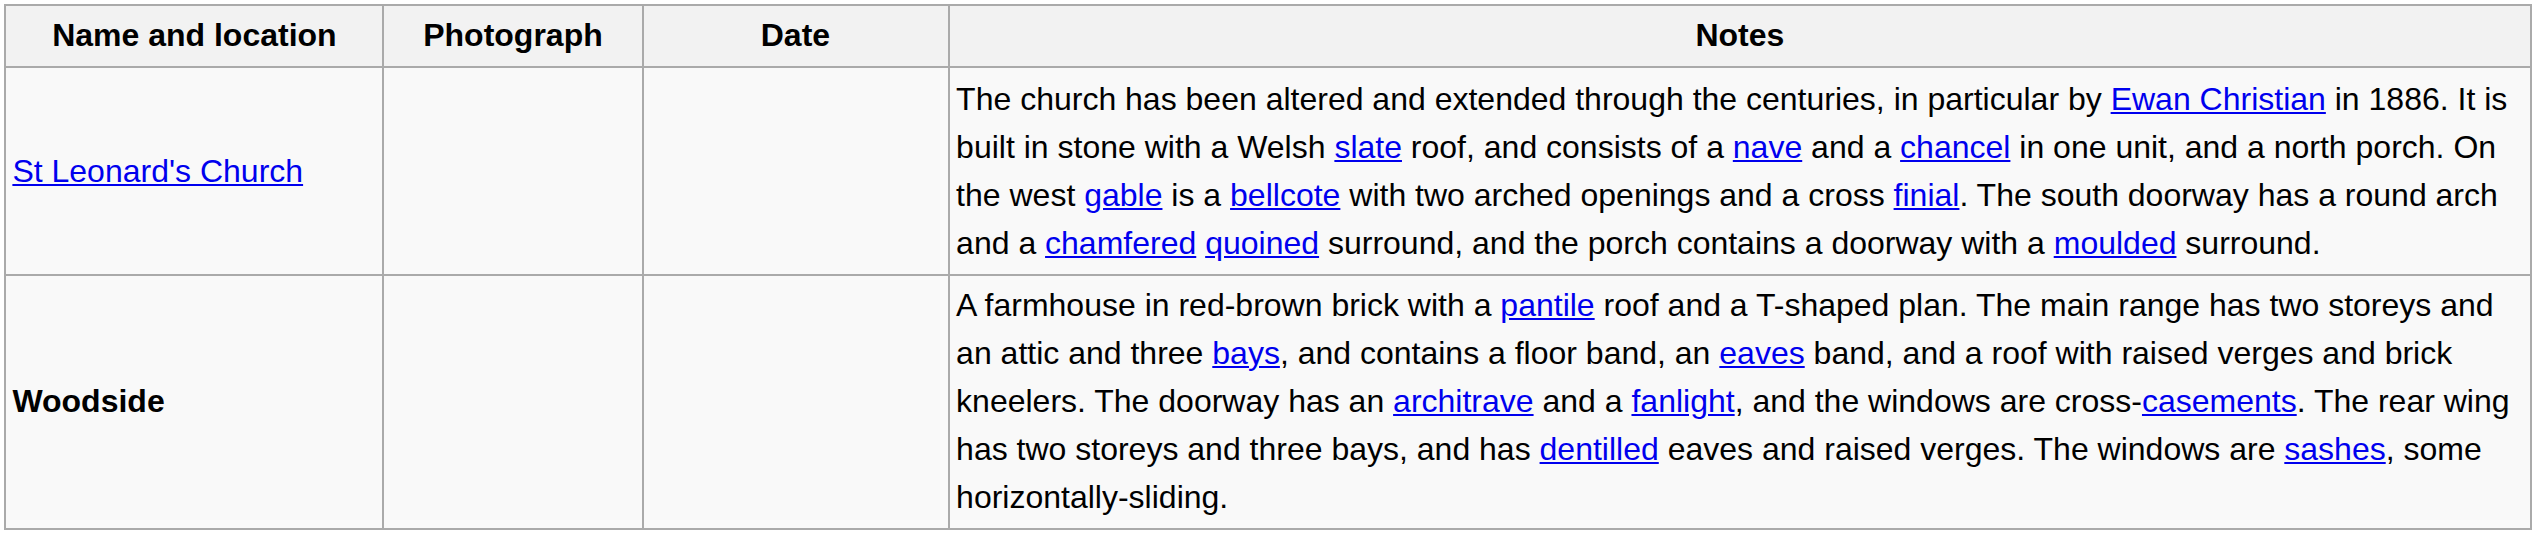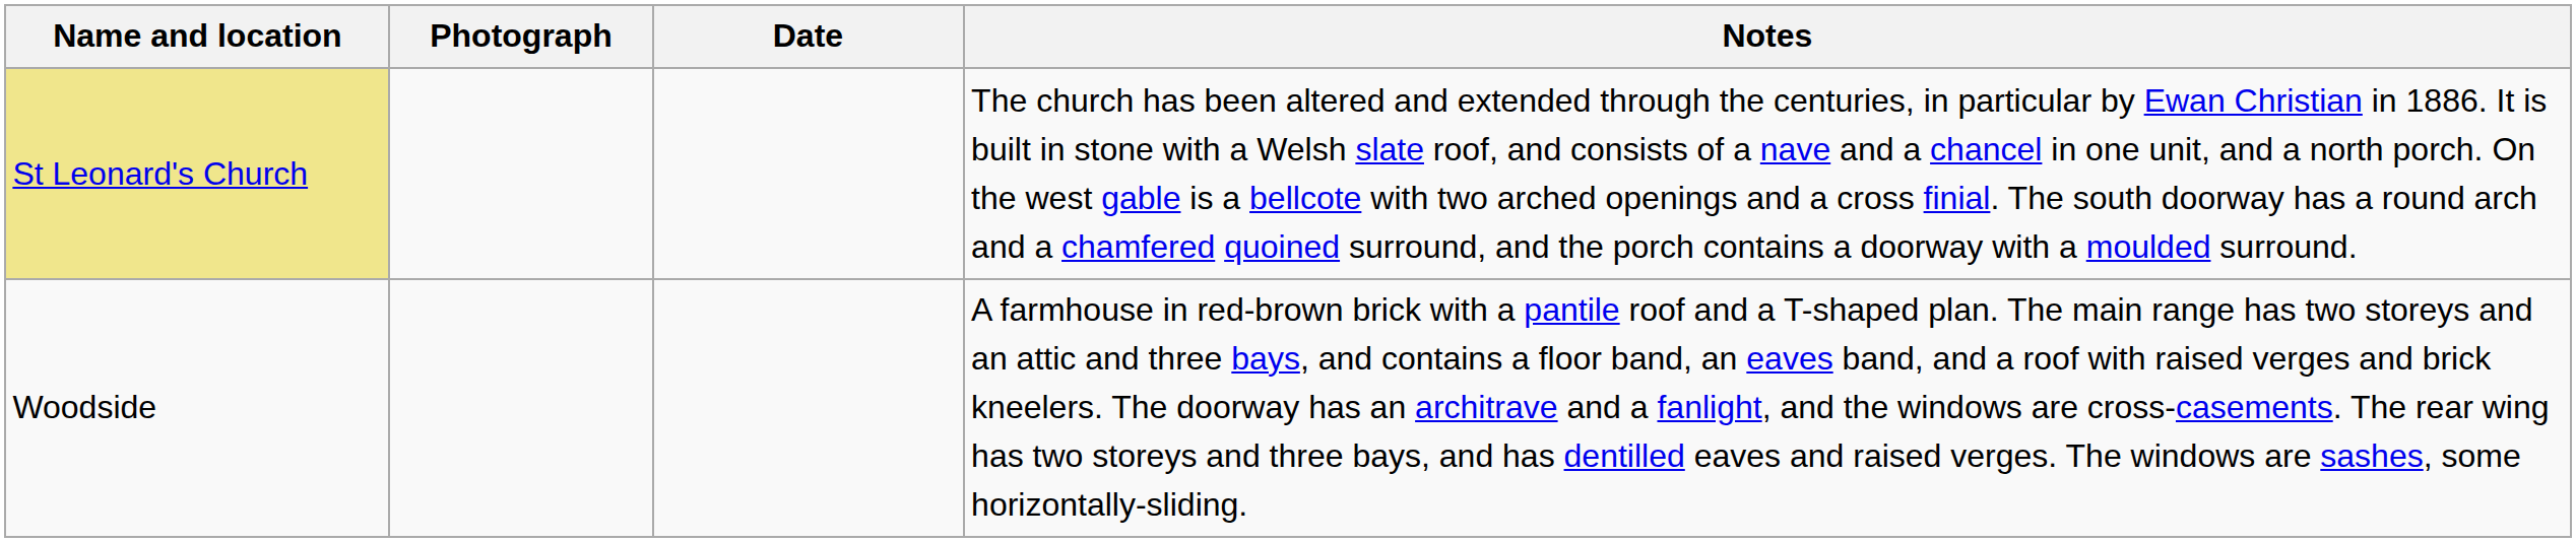 <table class="wikitable sortable plainrowheaders" style="width:100%;border:0px;text-align:left;line-height:150%;">
 <tr>
 <th scope="col"  style="width:150px">Name and location</th>
 <th scope="col"  style="width:100px" class="unsortable">Photograph</th>
 <th scope="col"  style="width:120px">Date</th>
 <th scope="col"  style="width:650px" class="unsortable">Notes</th>
 </tr>
 <tr>
-<td><a href='#'>St Leonard's Church</a><br><small></small></td>
+<td style="background: khaki;"><a href='#'>St Leonard's Church</a><br><small></small></td>
 <td></td>
 <td align="center"></td>
 <td>The church has been altered and extended through the centuries, in particular by <a href='#'>Ewan Christian</a> in 1886.  It is built in stone with a Welsh <a href='#'>slate</a> roof, and consists of a <a href='#'>nave</a> and a <a href='#'>chancel</a> in one unit, and a north porch.  On the west <a href='#'>gable</a> is a <a href='#'>bellcote</a> with two arched openings and a cross <a href='#'>finial</a>.  The south doorway has a round arch and a <a href='#'>chamfered</a> <a href='#'>quoined</a> surround, and the porch contains a doorway with a <a href='#'>moulded</a> surround.</td>
 </tr>
 <tr>
-<td><strong>Woodside<br><small></small></strong></td>
+<td>Woodside<br><small></small></td>
 <td></td>
 <td align="center"></td>
 <td>A farmhouse in red-brown brick with a <a href='#'>pantile</a> roof and a T-shaped plan.  The main range has two storeys and an attic and three <a href='#'>bays</a>, and contains a floor band, an <a href='#'>eaves</a> band, and a roof with raised verges and brick kneelers.  The doorway has an <a href='#'>architrave</a> and a <a href='#'>fanlight</a>, and the windows are cross-<a href='#'>casements</a>.  The rear wing has two storeys and three bays, and has <a href='#'>dentilled</a> eaves and raised verges.  The windows are <a href='#'>sashes</a>, some horizontally-sliding.</td>
 </tr>
 <tr>
 </tr>
 </table>
